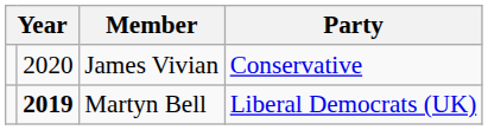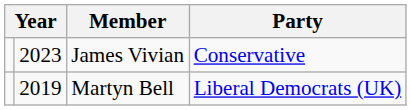 <table class="wikitable">
 <tr>
 <th colspan="2">Year</th>
 <th>Member</th>
 <th>Party</th>
 </tr>
 <tr>
 <td style="background-color: "></td>
-<td>2020</td>
+<td>2023</td>
 <td>James Vivian</td>
 <td><a href='#'>Conservative</a></td>
 </tr>
 <tr>
 <td style="background-color: "></td>
-<td><strong>2019</strong></td>
+<td>2019</td>
 <td>Martyn Bell</td>
 <td><a href='#'>Liberal Democrats (UK)</a></td>
 </tr>
 </table>
